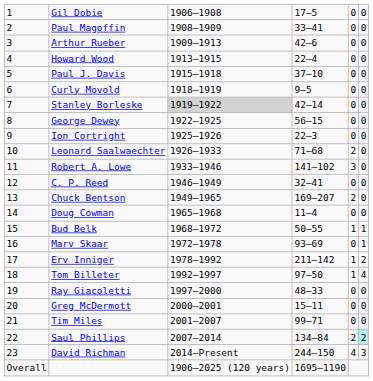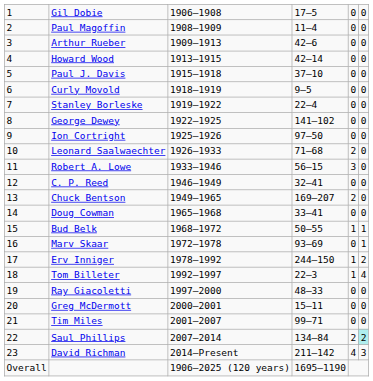 <table class=wikitable>
 <tr>
 <td>1</td>
 <td><a href='#'>Gil Dobie</a></td>
 <td>1906–1908</td>
 <td>17–5</td>
 <td>0</td>
 <td>0</td>
 </tr>
 <tr>
 <td>2</td>
 <td><a href='#'>Paul Magoffin</a></td>
 <td>1908–1909</td>
-<td>33–41</td>
+<td>11–4</td>
 <td>0</td>
 <td>0</td>
 </tr>
 <tr>
 <td>3</td>
 <td><a href='#'>Arthur Rueber</a></td>
 <td>1909–1913</td>
 <td>42–6</td>
 <td>0</td>
 <td>0</td>
 </tr>
 <tr>
 <td>4</td>
 <td><a href='#'>Howard Wood</a></td>
 <td>1913–1915</td>
-<td>22–4</td>
+<td>42–14</td>
 <td>0</td>
 <td>0</td>
 </tr>
 <tr>
 <td>5</td>
 <td><a href='#'>Paul J. Davis</a></td>
 <td>1915–1918</td>
 <td>37–10</td>
 <td>0</td>
 <td>0</td>
 </tr>
 <tr>
 <td>6</td>
 <td><a href='#'>Curly Movold</a></td>
 <td>1918–1919</td>
 <td>9–5</td>
 <td>0</td>
 <td>0</td>
 </tr>
 <tr>
 <td>7</td>
 <td><a href='#'>Stanley Borleske</a></td>
-<td style="background: lightgrey;">1919–1922</td>
-<td>42–14</td>
+<td>1919–1922</td>
+<td>22–4</td>
 <td>0</td>
 <td>0</td>
 </tr>
 <tr>
 <td>8</td>
 <td><a href='#'>George Dewey</a></td>
 <td>1922–1925</td>
-<td>56–15</td>
+<td>141–102</td>
 <td>0</td>
 <td>0</td>
 </tr>
 <tr>
 <td>9</td>
 <td><a href='#'>Ion Cortright</a></td>
 <td>1925–1926</td>
-<td>22–3</td>
+<td>97–50</td>
 <td>0</td>
 <td>0</td>
 </tr>
 <tr>
 <td>10</td>
 <td><a href='#'>Leonard Saalwaechter</a></td>
 <td>1926–1933</td>
 <td>71–68</td>
 <td>2</td>
 <td>0</td>
 </tr>
 <tr>
 <td>11</td>
 <td><a href='#'>Robert A. Lowe</a></td>
 <td>1933–1946</td>
-<td>141–102</td>
+<td>56–15</td>
 <td>3</td>
 <td>0</td>
 </tr>
 <tr>
 <td>12</td>
 <td><a href='#'>C. P. Reed</a></td>
 <td>1946–1949</td>
 <td>32–41</td>
 <td>0</td>
 <td>0</td>
 </tr>
 <tr>
 <td>13</td>
 <td><a href='#'>Chuck Bentson</a></td>
 <td>1949–1965</td>
 <td>169–207</td>
 <td>2</td>
 <td>0</td>
 </tr>
 <tr>
 <td>14</td>
 <td><a href='#'>Doug Cowman</a></td>
 <td>1965–1968</td>
-<td>11–4</td>
+<td>33–41</td>
 <td>0</td>
 <td>0</td>
 </tr>
 <tr>
 <td>15</td>
 <td><a href='#'>Bud Belk</a></td>
 <td>1968–1972</td>
 <td>50–55</td>
 <td>1</td>
 <td>1</td>
 </tr>
 <tr>
 <td>16</td>
 <td><a href='#'>Marv Skaar</a></td>
 <td>1972–1978</td>
 <td>93–69</td>
 <td>0</td>
 <td>1</td>
 </tr>
 <tr>
 <td>17</td>
 <td><a href='#'>Erv Inniger</a></td>
 <td>1978–1992</td>
-<td>211–142</td>
+<td>244–150</td>
 <td>1</td>
 <td>2</td>
 </tr>
 <tr>
 <td>18</td>
 <td><a href='#'>Tom Billeter</a></td>
 <td>1992–1997</td>
-<td>97–50</td>
+<td>22–3</td>
 <td>1</td>
 <td>4</td>
 </tr>
 <tr>
 <td>19</td>
 <td><a href='#'>Ray Giacoletti</a></td>
 <td>1997–2000</td>
 <td>48–33</td>
 <td>0</td>
 <td>0</td>
 </tr>
 <tr>
 <td>20</td>
 <td><a href='#'>Greg McDermott</a></td>
 <td>2000–2001</td>
 <td>15–11</td>
 <td>0</td>
 <td>0</td>
 </tr>
 <tr>
 <td>21</td>
 <td><a href='#'>Tim Miles</a></td>
 <td>2001–2007</td>
 <td>99–71</td>
 <td>0</td>
 <td>0</td>
 </tr>
 <tr>
 <td>22</td>
 <td><a href='#'>Saul Phillips</a></td>
 <td>2007–2014</td>
 <td>134–84</td>
 <td>2</td>
 <td style="background: paleturquoise;">2</td>
 </tr>
 <tr>
 <td>23</td>
 <td><a href='#'>David Richman</a></td>
 <td>2014–Present</td>
-<td>244–150</td>
+<td>211–142</td>
 <td>4</td>
 <td>3</td>
 </tr>
 <tr>
 <td>Overall</td>
 <td></td>
 <td>1906–2025 (120 years)</td>
 <td>1695–1190</td>
 </tr>
 </table>
